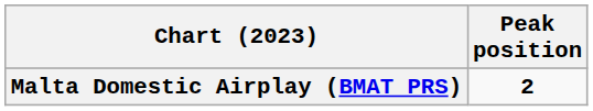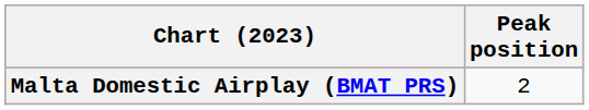 <table class="wikitable plainrowheaders" style="text-align:center">
 <tr>
 <th scope="col">Chart (2023)</th>
 <th scope="col">Peak<br>position</th>
 </tr>
 <tr>
 <th scope="row">Malta Domestic Airplay (<a href='#'>BMAT PRS</a>)</th>
-<td><strong>2</strong></td>
+<td>2</td>
 </tr>
 </table>
